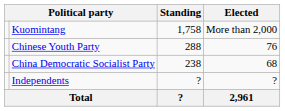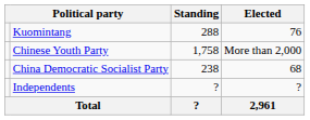 <table class="wikitable">
 <tr>
 <th colspan="2">Political party</th>
 <th>Standing</th>
 <th>Elected</th>
 </tr>
 <tr>
 <td></td>
 <td><a href='#'>Kuomintang</a></td>
-<td align=right>1,758</td>
-<td align=right>More than 2,000</td>
+<td align=right>288</td>
+<td align=right>76</td>
 </tr>
 <tr>
 <td></td>
 <td><a href='#'>Chinese Youth Party</a></td>
-<td align=right>288</td>
-<td align=right>76</td>
+<td align=right>1,758</td>
+<td align=right>More than 2,000</td>
 </tr>
 <tr>
 <td></td>
 <td><a href='#'>China Democratic Socialist Party</a></td>
 <td align=right>238</td>
 <td align=right>68</td>
 </tr>
 <tr>
 <td></td>
 <td><a href='#'>Independents</a></td>
 <td align=right>?</td>
 <td align=right>?</td>
 </tr>
 <tr>
 <th colspan="2">Total</th>
 <th>?</th>
 <th>2,961</th>
 </tr>
 </table>
